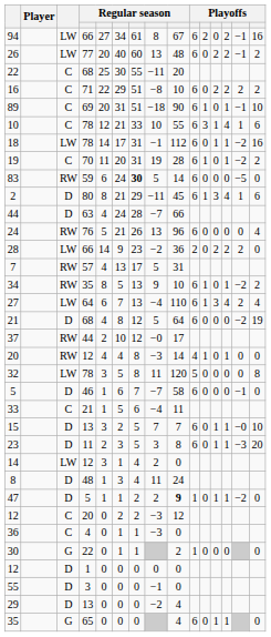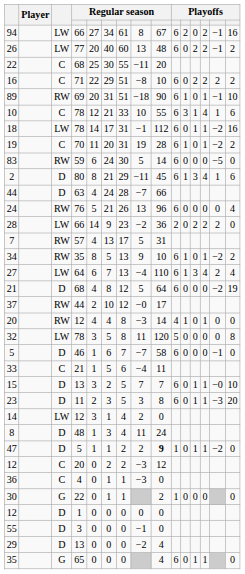 <table class="wikitable sortable plainrowheaders" style="text-align:center;">
 <tr>
 <th scope="col" data-sort-type="number" rowspan="2"></th>
 <th scope="col" rowspan="2">Player</th>
 <th scope="col" rowspan="2"></th>
 <th scope=colgroup colspan=6>Regular season</th>
 <th scope=colgroup colspan=6>Playoffs</th>
 </tr>
 <tr>
 <th scope="col" data-sort-type="number"></th>
 <th scope="col" data-sort-type="number"></th>
 <th scope="col" data-sort-type="number"></th>
 <th scope="col" data-sort-type="number"></th>
 <th scope="col" data-sort-type="number"></th>
 <th scope="col" data-sort-type="number"></th>
 <th scope="col" data-sort-type="number"></th>
 <th scope="col" data-sort-type="number"></th>
 <th scope="col" data-sort-type="number"></th>
 <th scope="col" data-sort-type="number"></th>
 <th scope="col" data-sort-type="number"></th>
 <th scope="col" data-sort-type="number"></th>
 </tr>
 <tr>
 <td scope="row">94</td>
 <td align="left"></td>
 <td>LW</td>
 <td>66</td>
 <td>27</td>
 <td>34</td>
 <td>61</td>
 <td>8</td>
 <td>67</td>
 <td>6</td>
 <td>2</td>
 <td>0</td>
 <td>2</td>
 <td>−1</td>
 <td>16</td>
 </tr>
 <tr>
 <td scope="row">26</td>
 <td align="left"></td>
 <td>LW</td>
 <td>77</td>
 <td>20</td>
 <td>40</td>
 <td>60</td>
 <td>13</td>
 <td>48</td>
 <td>6</td>
 <td>0</td>
 <td>2</td>
 <td>2</td>
 <td>−1</td>
 <td>2</td>
 </tr>
 <tr>
 <td scope="row">22</td>
 <td align="left"></td>
 <td>C</td>
 <td>68</td>
 <td>25</td>
 <td>30</td>
 <td>55</td>
 <td>−11</td>
 <td>20</td>
 <td></td>
 <td></td>
 <td></td>
 <td></td>
 <td></td>
 <td></td>
 </tr>
 <tr>
 <td scope="row">16</td>
 <td align="left"></td>
 <td>C</td>
 <td>71</td>
 <td>22</td>
 <td>29</td>
 <td>51</td>
 <td>−8</td>
 <td>10</td>
 <td>6</td>
 <td>0</td>
 <td>2</td>
 <td>2</td>
 <td>2</td>
 <td>2</td>
 </tr>
 <tr>
 <td scope="row">89</td>
 <td align="left"></td>
-<td>C</td>
+<td>RW</td>
 <td>69</td>
 <td>20</td>
 <td>31</td>
 <td>51</td>
 <td>−18</td>
 <td>90</td>
 <td>6</td>
 <td>1</td>
 <td>0</td>
 <td>1</td>
 <td>−1</td>
 <td>10</td>
 </tr>
 <tr>
 <td scope="row">10</td>
 <td align="left"></td>
 <td>C</td>
 <td>78</td>
 <td>12</td>
 <td>21</td>
 <td>33</td>
 <td>10</td>
 <td>55</td>
 <td>6</td>
 <td>3</td>
 <td>1</td>
 <td>4</td>
 <td>1</td>
 <td>6</td>
 </tr>
 <tr>
 <td scope="row">18</td>
 <td align="left"></td>
 <td>LW</td>
 <td>78</td>
 <td>14</td>
 <td>17</td>
 <td>31</td>
 <td>−1</td>
 <td>112</td>
 <td>6</td>
 <td>0</td>
 <td>1</td>
 <td>1</td>
 <td>−2</td>
 <td>16</td>
 </tr>
 <tr>
 <td scope="row">19</td>
 <td align="left"></td>
 <td>C</td>
 <td>70</td>
 <td>11</td>
 <td>20</td>
 <td>31</td>
 <td>19</td>
 <td>28</td>
 <td>6</td>
 <td>1</td>
 <td>0</td>
 <td>1</td>
 <td>−2</td>
 <td>2</td>
 </tr>
 <tr>
 <td scope="row">83</td>
 <td align="left"></td>
 <td>RW</td>
 <td>59</td>
 <td>6</td>
 <td>24</td>
-<td><strong>30</strong></td>
+<td>30</td>
 <td>5</td>
 <td>14</td>
 <td>6</td>
 <td>0</td>
 <td>0</td>
 <td>0</td>
 <td>−5</td>
 <td>0</td>
 </tr>
 <tr>
 <td scope="row">2</td>
 <td align="left"></td>
 <td>D</td>
 <td>80</td>
 <td>8</td>
 <td>21</td>
 <td>29</td>
 <td>−11</td>
 <td>45</td>
 <td>6</td>
 <td>1</td>
 <td>3</td>
 <td>4</td>
 <td>1</td>
 <td>6</td>
 </tr>
 <tr>
 <td scope="row">44</td>
 <td align="left"></td>
 <td>D</td>
 <td>63</td>
 <td>4</td>
 <td>24</td>
 <td>28</td>
 <td>−7</td>
 <td>66</td>
 <td></td>
 <td></td>
 <td></td>
 <td></td>
 <td></td>
 <td></td>
 </tr>
 <tr>
 <td scope="row">24</td>
 <td align="left"></td>
 <td>RW</td>
 <td>76</td>
 <td>5</td>
 <td>21</td>
 <td>26</td>
 <td>13</td>
 <td>96</td>
 <td>6</td>
 <td>0</td>
 <td>0</td>
 <td>0</td>
 <td>0</td>
 <td>4</td>
 </tr>
 <tr>
 <td scope="row">28</td>
 <td align="left"></td>
 <td>LW</td>
 <td>66</td>
 <td>14</td>
 <td>9</td>
 <td>23</td>
 <td>−2</td>
 <td>36</td>
 <td>2</td>
 <td>0</td>
 <td>2</td>
 <td>2</td>
 <td>2</td>
 <td>0</td>
 </tr>
 <tr>
 <td scope="row">7</td>
 <td align="left"></td>
 <td>RW</td>
 <td>57</td>
 <td>4</td>
 <td>13</td>
 <td>17</td>
 <td>5</td>
 <td>31</td>
 <td></td>
 <td></td>
 <td></td>
 <td></td>
 <td></td>
 <td></td>
 </tr>
 <tr>
 <td scope="row">34</td>
 <td align="left"></td>
 <td>RW</td>
 <td>35</td>
 <td>8</td>
 <td>5</td>
 <td>13</td>
 <td>9</td>
 <td>10</td>
 <td>6</td>
 <td>1</td>
 <td>0</td>
 <td>1</td>
 <td>−2</td>
 <td>2</td>
 </tr>
 <tr>
 <td scope="row">27</td>
 <td align="left"></td>
 <td>LW</td>
 <td>64</td>
 <td>6</td>
 <td>7</td>
 <td>13</td>
 <td>−4</td>
 <td>110</td>
 <td>6</td>
 <td>1</td>
 <td>3</td>
 <td>4</td>
 <td>2</td>
 <td>4</td>
 </tr>
 <tr>
 <td scope="row">21</td>
 <td align="left"></td>
 <td>D</td>
 <td>68</td>
 <td>4</td>
 <td>8</td>
 <td>12</td>
 <td>5</td>
 <td>64</td>
 <td>6</td>
 <td>0</td>
 <td>0</td>
 <td>0</td>
 <td>−2</td>
 <td>19</td>
 </tr>
 <tr>
 <td scope="row">37</td>
 <td align="left"></td>
 <td>RW</td>
 <td>44</td>
 <td>2</td>
 <td>10</td>
 <td>12</td>
 <td>−0</td>
 <td>17</td>
 <td></td>
 <td></td>
 <td></td>
 <td></td>
 <td></td>
 <td></td>
 </tr>
 <tr>
 <td scope="row">20</td>
 <td align="left"></td>
 <td>RW</td>
 <td>12</td>
 <td>4</td>
 <td>4</td>
 <td>8</td>
 <td>−3</td>
 <td>14</td>
 <td>4</td>
 <td>1</td>
 <td>0</td>
 <td>1</td>
 <td>0</td>
 <td>0</td>
 </tr>
 <tr>
 <td scope="row">32</td>
 <td align="left"></td>
 <td>LW</td>
 <td>78</td>
 <td>3</td>
 <td>5</td>
 <td>8</td>
 <td>11</td>
 <td>120</td>
 <td>5</td>
 <td>0</td>
 <td>0</td>
 <td>0</td>
 <td>0</td>
 <td>8</td>
 </tr>
 <tr>
 <td scope="row">5</td>
 <td align="left"></td>
 <td>D</td>
 <td>46</td>
 <td>1</td>
 <td>6</td>
 <td>7</td>
 <td>−7</td>
 <td>58</td>
 <td>6</td>
 <td>0</td>
 <td>0</td>
 <td>0</td>
 <td>−1</td>
 <td>0</td>
 </tr>
 <tr>
 <td scope="row">33</td>
 <td align="left"></td>
 <td>C</td>
 <td>21</td>
 <td>1</td>
 <td>5</td>
 <td>6</td>
 <td>−4</td>
 <td>11</td>
 <td></td>
 <td></td>
 <td></td>
 <td></td>
 <td></td>
 <td></td>
 </tr>
 <tr>
 <td scope="row">15</td>
 <td align="left"></td>
 <td>D</td>
 <td>13</td>
 <td>3</td>
 <td>2</td>
 <td>5</td>
 <td>7</td>
 <td>7</td>
 <td>6</td>
 <td>0</td>
 <td>1</td>
 <td>1</td>
 <td>−0</td>
 <td>10</td>
 </tr>
 <tr>
 <td scope="row">23</td>
 <td align="left"></td>
 <td>D</td>
 <td>11</td>
 <td>2</td>
 <td>3</td>
 <td>5</td>
 <td>3</td>
 <td>8</td>
 <td>6</td>
 <td>0</td>
 <td>1</td>
 <td>1</td>
 <td>−3</td>
 <td>20</td>
 </tr>
 <tr>
 <td scope="row">14</td>
 <td align="left"></td>
 <td>LW</td>
 <td>12</td>
 <td>3</td>
 <td>1</td>
 <td>4</td>
 <td>2</td>
 <td>0</td>
 <td></td>
 <td></td>
 <td></td>
 <td></td>
 <td></td>
 <td></td>
 </tr>
 <tr>
 <td scope="row">8</td>
 <td align="left"></td>
 <td>D</td>
 <td>48</td>
 <td>1</td>
 <td>3</td>
 <td>4</td>
 <td>11</td>
 <td>24</td>
 <td></td>
 <td></td>
 <td></td>
 <td></td>
 <td></td>
 <td></td>
 </tr>
 <tr>
 <td scope="row">47</td>
 <td align="left"></td>
 <td>D</td>
 <td>5</td>
 <td>1</td>
 <td>1</td>
 <td>2</td>
 <td>2</td>
 <td><strong>9</strong></td>
 <td>1</td>
 <td>0</td>
 <td>1</td>
 <td>1</td>
 <td>−2</td>
 <td>0</td>
 </tr>
 <tr>
 <td scope="row">12</td>
 <td align="left"></td>
 <td>C</td>
 <td>20</td>
 <td>0</td>
 <td>2</td>
 <td>2</td>
 <td>−3</td>
 <td>12</td>
 <td></td>
 <td></td>
 <td></td>
 <td></td>
 <td></td>
 <td></td>
 </tr>
 <tr>
 <td scope="row">36</td>
 <td align="left"></td>
 <td>C</td>
 <td>4</td>
 <td>0</td>
 <td>1</td>
 <td>1</td>
 <td>−3</td>
 <td>0</td>
 <td></td>
 <td></td>
 <td></td>
 <td></td>
 <td></td>
 <td></td>
 </tr>
 <tr>
 <td scope="row">30</td>
 <td align="left"></td>
 <td>G</td>
 <td>22</td>
 <td>0</td>
 <td>1</td>
 <td>1</td>
 <td style="background:#ccc"></td>
 <td>2</td>
 <td>1</td>
 <td>0</td>
 <td>0</td>
 <td>0</td>
 <td style="background:#ccc"></td>
 <td>0</td>
 </tr>
 <tr>
 <td scope="row">12</td>
 <td align="left"></td>
 <td>D</td>
 <td>1</td>
 <td>0</td>
 <td>0</td>
 <td>0</td>
 <td>0</td>
 <td>0</td>
 <td></td>
 <td></td>
 <td></td>
 <td></td>
 <td></td>
 <td></td>
 </tr>
 <tr>
 <td scope="row">55</td>
 <td align="left"></td>
 <td>D</td>
 <td>3</td>
 <td>0</td>
 <td>0</td>
 <td>0</td>
 <td>−1</td>
 <td>0</td>
 <td></td>
 <td></td>
 <td></td>
 <td></td>
 <td></td>
 <td></td>
 </tr>
 <tr>
 <td scope="row">29</td>
 <td align="left"></td>
 <td>D</td>
 <td>13</td>
 <td>0</td>
 <td>0</td>
 <td>0</td>
 <td>−2</td>
 <td>4</td>
 <td></td>
 <td></td>
 <td></td>
 <td></td>
 <td></td>
 <td></td>
 </tr>
 <tr>
 <td scope="row">35</td>
 <td align="left"></td>
 <td>G</td>
 <td>65</td>
 <td>0</td>
 <td>0</td>
 <td>0</td>
 <td style="background:#ccc"></td>
 <td>4</td>
 <td>6</td>
 <td>0</td>
 <td>1</td>
 <td>1</td>
 <td style="background:#ccc"></td>
 <td>0</td>
 </tr>
 </table>
